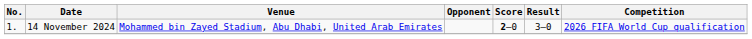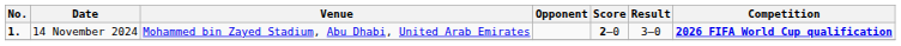 <table class="wikitable">
 <tr>
 <th>No.</th>
 <th>Date</th>
 <th>Venue</th>
 <th>Opponent</th>
 <th>Score</th>
 <th>Result</th>
 <th>Competition</th>
 </tr>
 <tr>
-<td>1.</td>
+<td><strong>1.</strong></td>
 <td>14 November 2024</td>
 <td><a href='#'>Mohammed bin Zayed Stadium</a>, <a href='#'>Abu Dhabi</a>, <a href='#'>United Arab Emirates</a></td>
 <td></td>
 <td align=center><strong>2</strong>–0</td>
 <td align=center>3–0</td>
-<td><a href='#'>2026 FIFA World Cup qualification</a></td>
+<td><strong><a href='#'>2026 FIFA World Cup qualification</a></strong></td>
 </tr>
 <tr>
 </tr>
 </table>
